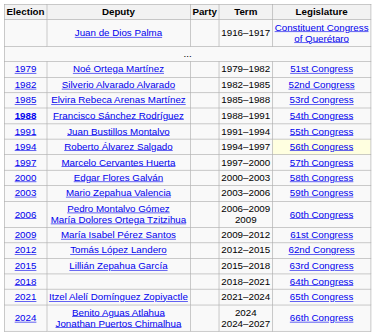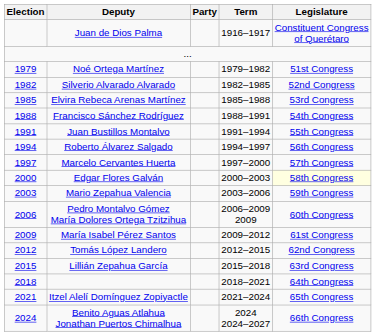 <table class="wikitable sortable" style="text-align: center">
 <tr>
 <th>Election</th>
 <th class="unsortable">Deputy</th>
 <th class="unsortable">Party</th>
 <th class="unsortable">Term</th>
 <th class="unsortable">Legislature</th>
 </tr>
 <tr>
 <td></td>
 <td><a href='#'>Juan de Dios Palma</a></td>
 <td></td>
 <td>1916–1917</td>
 <td><a href='#'>Constituent Congress<br>of Querétaro</a></td>
 </tr>
 <tr>
 <td colspan=5> ...</td>
 </tr>
 <tr>
 <td><a href='#'>1979</a></td>
 <td><a href='#'>Noé Ortega Martínez</a></td>
 <td></td>
 <td>1979–1982</td>
 <td><a href='#'>51st Congress</a></td>
 </tr>
 <tr>
 <td><a href='#'>1982</a></td>
 <td><a href='#'>Silverio Alvarado Alvarado</a></td>
 <td></td>
 <td>1982–1985</td>
 <td><a href='#'>52nd Congress</a></td>
 </tr>
 <tr>
 <td><a href='#'>1985</a></td>
 <td><a href='#'>Elvira Rebeca Arenas Martínez</a></td>
 <td></td>
 <td>1985–1988</td>
 <td><a href='#'>53rd Congress</a></td>
 </tr>
 <tr>
-<td><strong><a href='#'>1988</a></strong></td>
+<td><a href='#'>1988</a></td>
 <td><a href='#'>Francisco Sánchez Rodríguez</a></td>
 <td></td>
 <td>1988–1991</td>
 <td><a href='#'>54th Congress</a></td>
 </tr>
 <tr>
 <td><a href='#'>1991</a></td>
 <td><a href='#'>Juan Bustillos Montalvo</a></td>
 <td></td>
 <td>1991–1994</td>
 <td><a href='#'>55th Congress</a></td>
 </tr>
 <tr>
 <td><a href='#'>1994</a></td>
 <td><a href='#'>Roberto Álvarez Salgado</a></td>
 <td></td>
 <td>1994–1997</td>
-<td style="background: lightyellow;"><a href='#'>56th Congress</a></td>
+<td><a href='#'>56th Congress</a></td>
 </tr>
 <tr>
 <td><a href='#'>1997</a></td>
 <td><a href='#'>Marcelo Cervantes Huerta</a></td>
 <td></td>
 <td>1997–2000</td>
 <td><a href='#'>57th Congress</a></td>
 </tr>
 <tr>
 <td><a href='#'>2000</a></td>
 <td><a href='#'>Edgar Flores Galván</a></td>
 <td></td>
 <td>2000–2003</td>
-<td><a href='#'>58th Congress</a></td>
+<td style="background: lightyellow;"><a href='#'>58th Congress</a></td>
 </tr>
 <tr>
 <td><a href='#'>2003</a></td>
 <td><a href='#'>Mario Zepahua Valencia</a></td>
 <td></td>
 <td>2003–2006</td>
 <td><a href='#'>59th Congress</a></td>
 </tr>
 <tr>
 <td><a href='#'>2006</a></td>
 <td><a href='#'>Pedro Montalvo Gómez</a><br><a href='#'>María Dolores Ortega Tzitzihua</a></td>
 <td></td>
 <td>2006–2009<br>2009</td>
 <td><a href='#'>60th Congress</a></td>
 </tr>
 <tr>
 <td><a href='#'>2009</a></td>
 <td><a href='#'>María Isabel Pérez Santos</a></td>
 <td></td>
 <td>2009–2012</td>
 <td><a href='#'>61st Congress</a></td>
 </tr>
 <tr>
 <td><a href='#'>2012</a></td>
 <td><a href='#'>Tomás López Landero</a></td>
 <td></td>
 <td>2012–2015</td>
 <td><a href='#'>62nd Congress</a></td>
 </tr>
 <tr>
 <td><a href='#'>2015</a></td>
 <td><a href='#'>Lillián Zepahua García</a></td>
 <td></td>
 <td>2015–2018</td>
 <td><a href='#'>63rd Congress</a></td>
 </tr>
 <tr>
 <td><a href='#'>2018</a></td>
 <td></td>
 <td></td>
 <td>2018–2021</td>
 <td><a href='#'>64th Congress</a></td>
 </tr>
 <tr>
 <td><a href='#'>2021</a></td>
 <td><a href='#'>Itzel Alelí Domínguez Zopiyactle</a></td>
 <td></td>
 <td>2021–2024</td>
 <td><a href='#'>65th Congress</a></td>
 </tr>
 <tr>
 <td><a href='#'>2024</a></td>
 <td><a href='#'>Benito Aguas Atlahua</a><br><a href='#'>Jonathan Puertos Chimalhua</a></td>
 <td></td>
 <td>2024<br>2024–2027</td>
 <td><a href='#'>66th Congress</a></td>
 </tr>
 </table>
